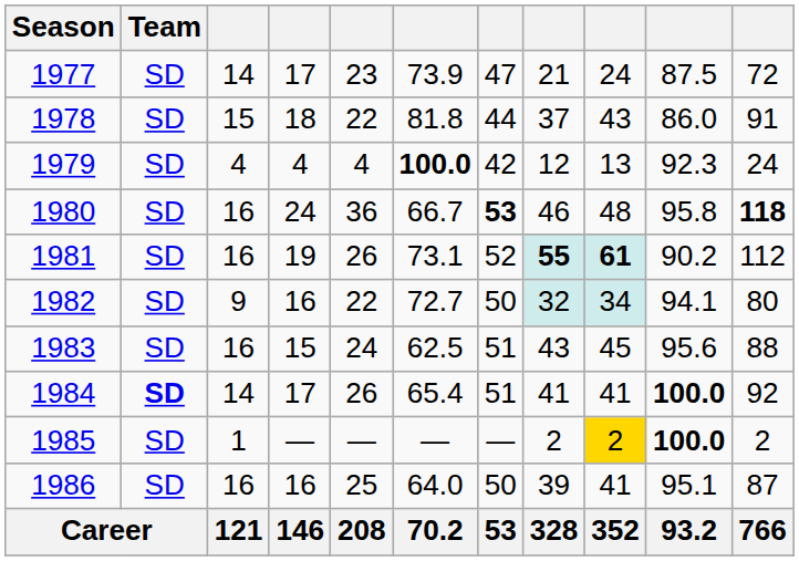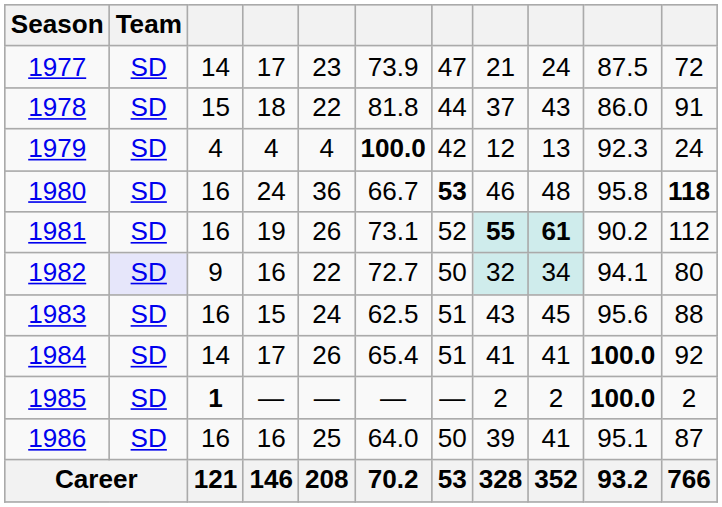 <table class="wikitable" style="text-align:center;">
 <tr>
 <th>Season</th>
 <th>Team</th>
 <th></th>
 <th></th>
 <th></th>
 <th></th>
 <th></th>
 <th></th>
 <th></th>
 <th></th>
 <th></th>
 </tr>
 <tr>
 <td><a href='#'>1977</a></td>
 <td><a href='#'>SD</a></td>
 <td>14</td>
 <td>17</td>
 <td>23</td>
 <td>73.9</td>
 <td>47</td>
 <td>21</td>
 <td>24</td>
 <td>87.5</td>
 <td>72</td>
 </tr>
 <tr>
 <td><a href='#'>1978</a></td>
 <td><a href='#'>SD</a></td>
 <td>15</td>
 <td>18</td>
 <td>22</td>
 <td>81.8</td>
 <td>44</td>
 <td>37</td>
 <td>43</td>
 <td>86.0</td>
 <td>91</td>
 </tr>
 <tr>
 <td><a href='#'>1979</a></td>
 <td><a href='#'>SD</a></td>
 <td>4</td>
 <td>4</td>
 <td>4</td>
 <td><strong>100.0</strong></td>
 <td>42</td>
 <td>12</td>
 <td>13</td>
 <td>92.3</td>
 <td>24</td>
 </tr>
 <tr>
 <td><a href='#'>1980</a></td>
 <td><a href='#'>SD</a></td>
 <td>16</td>
 <td>24</td>
 <td>36</td>
 <td>66.7</td>
 <td><strong>53</strong></td>
 <td>46</td>
 <td>48</td>
 <td>95.8</td>
 <td><strong>118</strong></td>
 </tr>
 <tr>
 <td><a href='#'>1981</a></td>
 <td><a href='#'>SD</a></td>
 <td>16</td>
 <td>19</td>
 <td>26</td>
 <td>73.1</td>
 <td>52</td>
 <td style="background:#cfecec;"><strong>55</strong></td>
 <td style="background:#cfecec;"><strong>61</strong></td>
 <td>90.2</td>
 <td>112</td>
 </tr>
 <tr>
 <td><a href='#'>1982</a></td>
-<td><a href='#'>SD</a></td>
+<td style="background: lavender;"><a href='#'>SD</a></td>
 <td>9</td>
 <td>16</td>
 <td>22</td>
 <td>72.7</td>
 <td>50</td>
 <td style="background:#cfecec;">32</td>
 <td style="background:#cfecec;">34</td>
 <td>94.1</td>
 <td>80</td>
 </tr>
 <tr>
 <td><a href='#'>1983</a></td>
 <td><a href='#'>SD</a></td>
 <td>16</td>
 <td>15</td>
 <td>24</td>
 <td>62.5</td>
 <td>51</td>
 <td>43</td>
 <td>45</td>
 <td>95.6</td>
 <td>88</td>
 </tr>
 <tr>
 <td><a href='#'>1984</a></td>
-<td><strong><a href='#'>SD</a></strong></td>
+<td><a href='#'>SD</a></td>
 <td>14</td>
 <td>17</td>
 <td>26</td>
 <td>65.4</td>
 <td>51</td>
 <td>41</td>
 <td>41</td>
 <td><strong>100.0</strong></td>
 <td>92</td>
 </tr>
 <tr>
 <td><a href='#'>1985</a></td>
 <td><a href='#'>SD</a></td>
-<td>1</td>
+<td><strong>1</strong></td>
 <td>—</td>
 <td>—</td>
 <td>—</td>
 <td>—</td>
 <td>2</td>
-<td style="background: gold;">2</td>
+<td>2</td>
 <td><strong>100.0</strong></td>
 <td>2</td>
 </tr>
 <tr>
 <td><a href='#'>1986</a></td>
 <td><a href='#'>SD</a></td>
 <td>16</td>
 <td>16</td>
 <td>25</td>
 <td>64.0</td>
 <td>50</td>
 <td>39</td>
 <td>41</td>
 <td>95.1</td>
 <td>87</td>
 </tr>
 <tr>
 <th colspan="2">Career</th>
 <th>121</th>
 <th>146</th>
 <th>208</th>
 <th>70.2</th>
 <th>53</th>
 <th>328</th>
 <th>352</th>
 <th>93.2</th>
 <th>766</th>
 </tr>
 </table>
